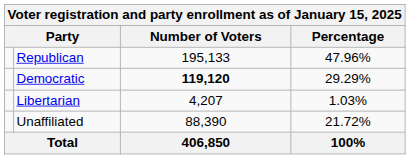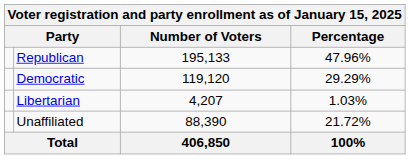 <table class=wikitable>
 <tr>
 <th colspan = 6>Voter registration and party enrollment as of January 15, 2025</th>
 </tr>
 <tr>
 <th colspan = 2>Party</th>
 <th>Number of Voters</th>
 <th>Percentage</th>
 </tr>
 <tr>
 <td></td>
 <td><a href='#'>Republican</a></td>
 <td align = center>195,133</td>
 <td align = center>47.96%</td>
 </tr>
 <tr>
 <td></td>
 <td><a href='#'>Democratic</a></td>
-<td align = center><strong>119,120</strong></td>
+<td align = center>119,120</td>
 <td align = center>29.29%</td>
 </tr>
 <tr>
 <td></td>
 <td><a href='#'>Libertarian</a></td>
 <td align = center>4,207</td>
 <td align = center>1.03%</td>
 </tr>
 <tr>
 <td></td>
 <td>Unaffiliated</td>
 <td align = center>88,390</td>
 <td align = center>21.72%</td>
 </tr>
 <tr>
 <th colspan = 2>Total</th>
 <th align = center>406,850</th>
 <th align = center>100%</th>
 </tr>
 </table>
